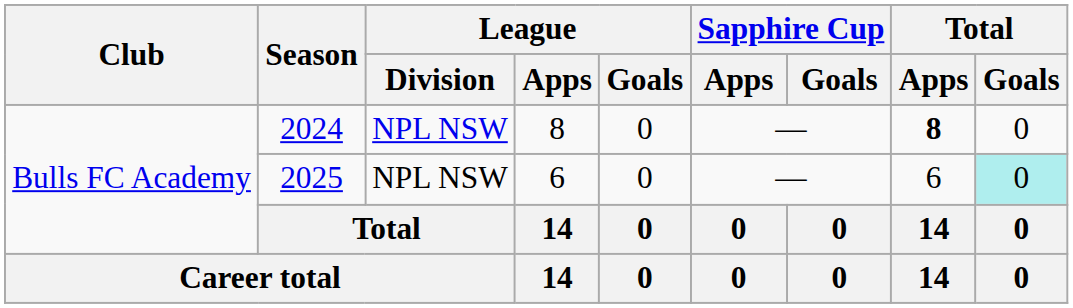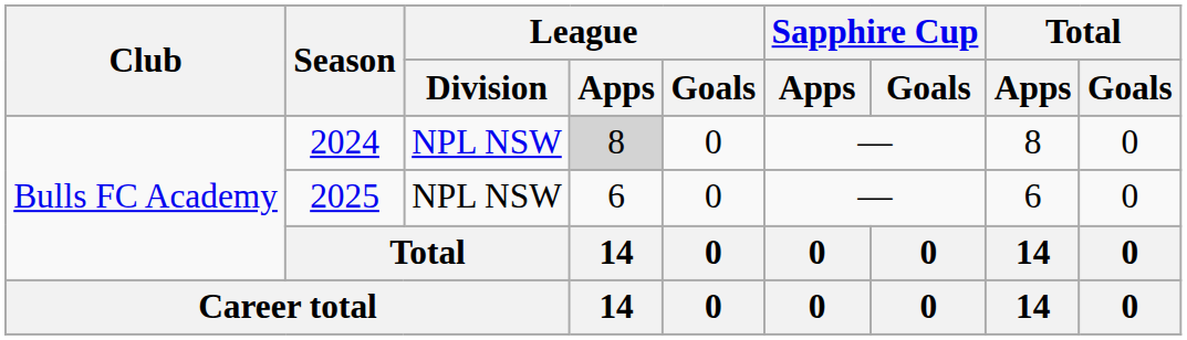 <table class="wikitable" style="text-align:center">
 <tr>
 <th rowspan="2">Club</th>
 <th rowspan="2">Season</th>
 <th colspan="3">League</th>
 <th colspan="2"><a href='#'>Sapphire Cup</a></th>
 <th colspan="2">Total</th>
 </tr>
 <tr>
 <th>Division</th>
 <th>Apps</th>
 <th>Goals</th>
 <th>Apps</th>
 <th>Goals</th>
 <th>Apps</th>
 <th>Goals</th>
 </tr>
 <tr>
 <td rowspan="3"><a href='#'>Bulls FC Academy</a></td>
 <td><a href='#'>2024</a></td>
 <td><a href='#'>NPL NSW</a></td>
-<td>8</td>
+<td style="background: lightgrey;">8</td>
 <td>0</td>
 <td colspan="2">—</td>
-<td><strong>8</strong></td>
+<td>8</td>
 <td>0</td>
 </tr>
 <tr>
 <td><a href='#'>2025</a></td>
 <td>NPL NSW</td>
 <td>6</td>
 <td>0</td>
 <td colspan="2">—</td>
 <td>6</td>
-<td style="background: paleturquoise;">0</td>
+<td>0</td>
 </tr>
 <tr>
 <th colspan="2">Total</th>
 <th>14</th>
 <th>0</th>
 <th>0</th>
 <th>0</th>
 <th>14</th>
 <th>0</th>
 </tr>
 <tr>
 <th colspan="3">Career total</th>
 <th>14</th>
 <th>0</th>
 <th>0</th>
 <th>0</th>
 <th>14</th>
 <th>0</th>
 </tr>
 </table>
